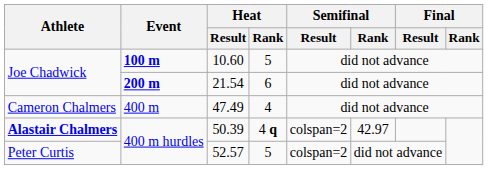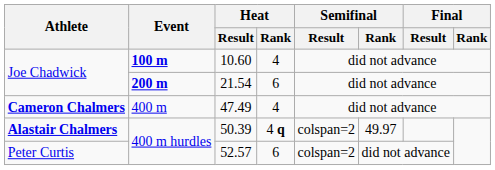 <table class="wikitable" style="font-size:90%; text-align:center">
 <tr>
 <th rowspan=2>Athlete</th>
 <th rowspan=2>Event</th>
 <th colspan=2>Heat</th>
 <th colspan=2>Semifinal</th>
 <th colspan=2>Final</th>
 </tr>
 <tr style="font-size:95%">
 <th>Result</th>
 <th>Rank</th>
 <th>Result</th>
 <th>Rank</th>
 <th>Result</th>
 <th>Rank</th>
 </tr>
 <tr>
 <td align=left rowspan=2><a href='#'>Joe Chadwick</a></td>
 <td align=left rowspan=1><strong><a href='#'>100 m</a></strong></td>
 <td>10.60</td>
-<td>5</td>
+<td>4</td>
 <td colspan=4>did not advance</td>
 </tr>
 <tr>
 <td align=left rowspan=1><strong><a href='#'>200 m</a></strong></td>
 <td>21.54</td>
 <td>6</td>
 <td colspan=4>did not advance</td>
 </tr>
 <tr>
-<td align=left><a href='#'>Cameron Chalmers</a></td>
+<td align=left><strong><a href='#'>Cameron Chalmers</a></strong></td>
 <td align=left rowspan=1><a href='#'>400 m</a></td>
 <td>47.49</td>
 <td>4</td>
 <td colspan=4>did not advance</td>
 </tr>
 <tr>
 <td align=left><strong><a href='#'>Alastair Chalmers</a></strong></td>
 <td align=left rowspan=2><a href='#'>400 m hurdles</a></td>
 <td>50.39</td>
 <td>4 <strong>q</strong></td>
 <td>colspan=2 </td>
-<td>42.97</td>
+<td>49.97</td>
 <td></td>
 </tr>
 <tr>
 <td align=left><a href='#'>Peter Curtis</a></td>
 <td>52.57</td>
-<td>5</td>
+<td>6</td>
 <td>colspan=2 </td>
 <td colspan=2>did not advance</td>
 </tr>
 </table>
